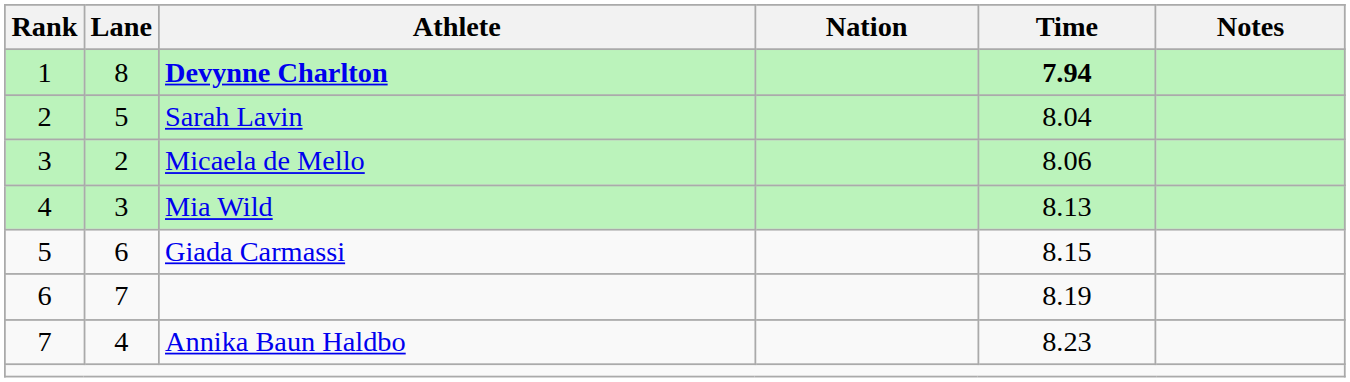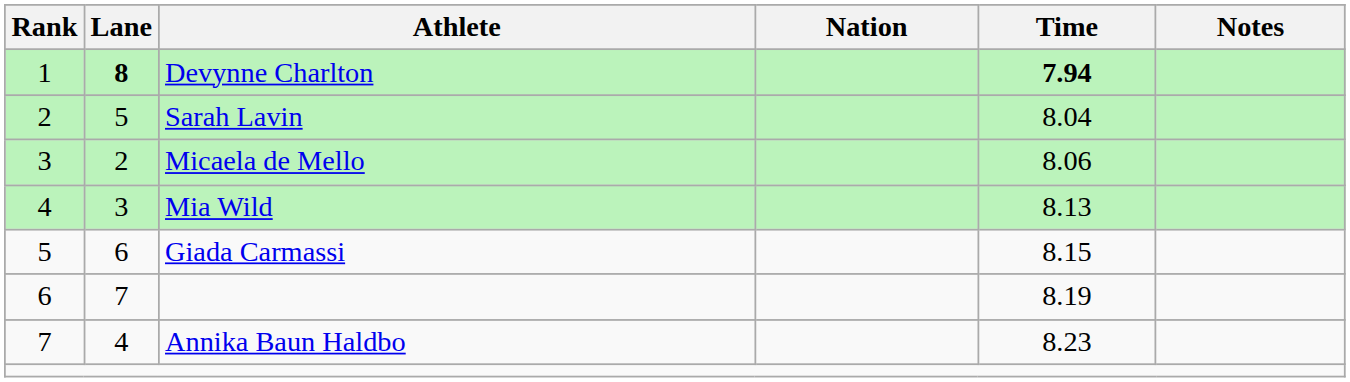 <table class="wikitable sortable" style="text-align:center;width: 60%;">
 <tr>
 <th scope="col" style="width: 10px;">Rank</th>
 <th scope="col" style="width: 10px;">Lane</th>
 <th scope="col">Athlete</th>
 <th scope="col">Nation</th>
 <th scope="col">Time</th>
 <th scope="col">Notes</th>
 </tr>
 <tr bgcolor=bbf3bb>
 <td>1</td>
-<td>8</td>
-<td align=left><strong><a href='#'>Devynne Charlton</a></strong></td>
+<td><strong>8</strong></td>
+<td align=left><a href='#'>Devynne Charlton</a></td>
 <td align=left></td>
 <td><strong>7.94</strong></td>
 <td></td>
 </tr>
 <tr bgcolor=bbf3bb>
 <td>2</td>
 <td>5</td>
 <td align=left><a href='#'>Sarah Lavin</a></td>
 <td align=left></td>
 <td>8.04</td>
 <td></td>
 </tr>
 <tr bgcolor=bbf3bb>
 <td>3</td>
 <td>2</td>
 <td align=left><a href='#'>Micaela de Mello</a></td>
 <td align=left></td>
 <td>8.06</td>
 <td></td>
 </tr>
 <tr bgcolor=bbf3bb>
 <td>4</td>
 <td>3</td>
 <td align=left><a href='#'>Mia Wild</a></td>
 <td align=left></td>
 <td>8.13</td>
 <td></td>
 </tr>
 <tr>
 <td>5</td>
 <td>6</td>
 <td align=left><a href='#'>Giada Carmassi</a></td>
 <td align=left></td>
 <td>8.15</td>
 <td></td>
 </tr>
 <tr>
 <td>6</td>
 <td>7</td>
 <td align=left></td>
 <td align=left></td>
 <td>8.19</td>
 <td></td>
 </tr>
 <tr>
 <td>7</td>
 <td>4</td>
 <td align=left><a href='#'>Annika Baun Haldbo</a></td>
 <td align=left></td>
 <td>8.23</td>
 <td></td>
 </tr>
 <tr class="sortbottom">
 <td colspan="6"></td>
 </tr>
 </table>
